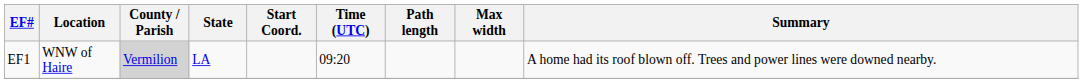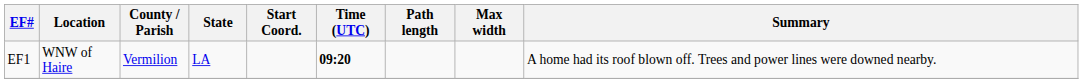 <table class="wikitable sortable" style="width:100%;">
 <tr>
 <th scope="col"  style="width:3%; text-align:center;"><a href='#'>EF#</a></th>
 <th scope="col"  style="width:7%; text-align:center;" class="unsortable">Location</th>
 <th scope="col"  style="width:6%; text-align:center;" class="unsortable">County / Parish</th>
 <th scope="col"  style="width:5%; text-align:center;">State</th>
 <th scope="col"  style="width:6%; text-align:center;">Start Coord.</th>
 <th scope="col"  style="width:6%; text-align:center;">Time (<a href='#'>UTC</a>)</th>
 <th scope="col"  style="width:6%; text-align:center;">Path length</th>
 <th scope="col"  style="width:6%; text-align:center;">Max width</th>
 <th scope="col" class="unsortable" style="width:48%; text-align:center;">Summary</th>
 </tr>
 <tr>
 <td>EF1</td>
 <td>WNW of <a href='#'>Haire</a></td>
-<td style="background: lightgrey;"><a href='#'>Vermilion</a></td>
+<td><a href='#'>Vermilion</a></td>
 <td><a href='#'>LA</a></td>
 <td></td>
-<td>09:20</td>
+<td><strong>09:20</strong></td>
 <td></td>
 <td></td>
 <td>A home had its roof blown off. Trees and power lines were downed nearby.</td>
 </tr>
 <tr>
 </tr>
 </table>
